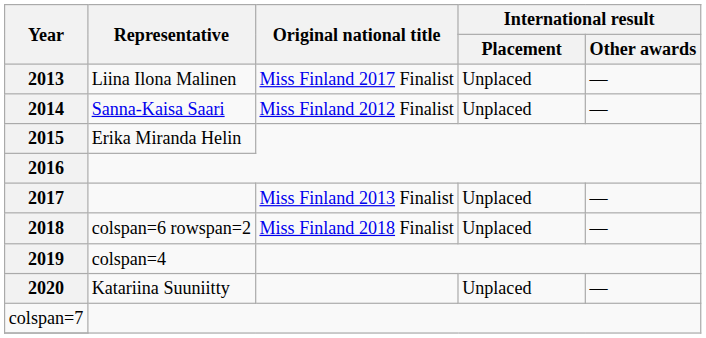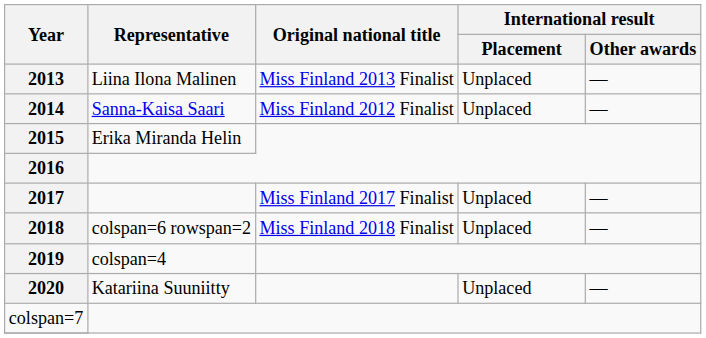 <table class="wikitable defaultcenter col2left" style="font-size:95%;">
 <tr>
 <th rowspan=2>Year</th>
 <th rowspan=2>Representative</th>
 <th rowspan=2>Original national title</th>
 <th colspan=2>International result</th>
 </tr>
 <tr>
 <th width=100px>Placement</th>
 <th>Other awards</th>
 </tr>
 <tr>
 <th>2013</th>
 <td>Liina Ilona Malinen</td>
-<td><a href='#'>Miss Finland 2017</a> Finalist</td>
+<td><a href='#'>Miss Finland 2013</a> Finalist</td>
 <td>Unplaced</td>
 <td>—</td>
 </tr>
 <tr>
 <th>2014</th>
 <td><a href='#'>Sanna-Kaisa Saari</a></td>
 <td><a href='#'>Miss Finland 2012</a> Finalist</td>
 <td>Unplaced</td>
 <td>—</td>
 </tr>
 <tr>
 <th>2015</th>
 <td>Erika Miranda Helin</td>
 </tr>
 <tr>
 <th>2016</th>
 </tr>
 <tr>
 <th>2017</th>
 <td></td>
-<td><a href='#'>Miss Finland 2013</a> Finalist</td>
+<td><a href='#'>Miss Finland 2017</a> Finalist</td>
 <td>Unplaced</td>
 <td>—</td>
 </tr>
 <tr>
 <th>2018</th>
 <td>colspan=6 rowspan=2 </td>
 <td><a href='#'>Miss Finland 2018</a> Finalist</td>
 <td>Unplaced</td>
 <td>—</td>
 </tr>
 <tr>
 <th>2019</th>
 <td>colspan=4 </td>
 </tr>
 <tr>
 <th>2020</th>
 <td>Katariina Suuniitty</td>
 <td></td>
 <td>Unplaced</td>
 <td>—</td>
 </tr>
 <tr>
 <td>colspan=7 </td>
 </tr>
 <tr>
 </tr>
 </table>
